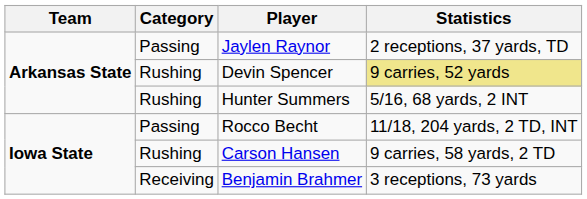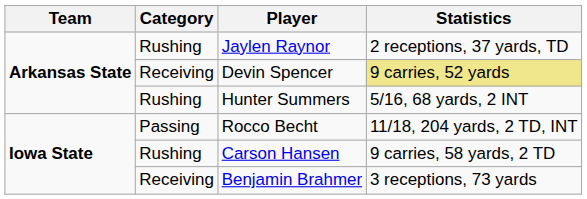 <table class="wikitable" style="float: right;">
 <tr>
 <th>Team</th>
 <th>Category</th>
 <th>Player</th>
 <th>Statistics</th>
 </tr>
 <tr>
 <td rowspan=3><strong>Arkansas State</strong></td>
-<td>Passing</td>
+<td>Rushing</td>
 <td><a href='#'>Jaylen Raynor</a></td>
 <td>2 receptions, 37 yards, TD</td>
 </tr>
 <tr>
-<td>Rushing</td>
+<td>Receiving</td>
 <td>Devin Spencer</td>
 <td style="background: khaki;">9 carries, 52 yards</td>
 </tr>
 <tr>
 <td>Rushing</td>
 <td>Hunter Summers</td>
 <td>5/16, 68 yards, 2 INT</td>
 </tr>
 <tr>
 <td rowspan=3><strong>Iowa State</strong></td>
 <td>Passing</td>
 <td>Rocco Becht</td>
 <td>11/18, 204 yards, 2 TD, INT</td>
 </tr>
 <tr>
 <td>Rushing</td>
 <td><a href='#'>Carson Hansen</a></td>
 <td>9 carries, 58 yards, 2 TD</td>
 </tr>
 <tr>
 <td>Receiving</td>
 <td><a href='#'>Benjamin Brahmer</a></td>
 <td>3 receptions, 73 yards</td>
 </tr>
 </table>
